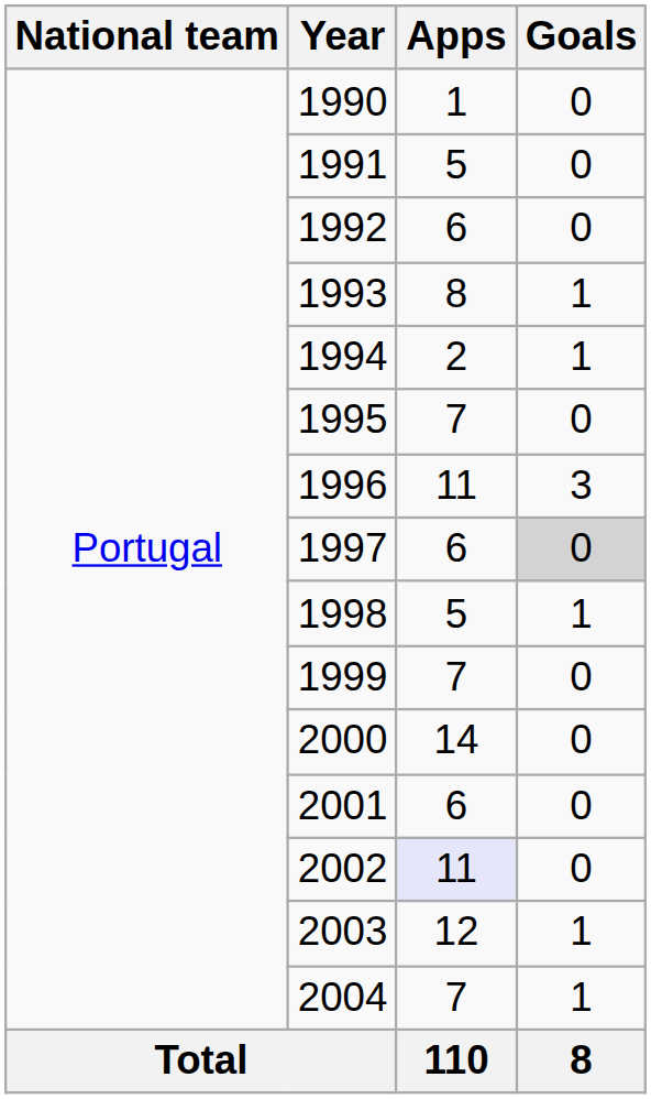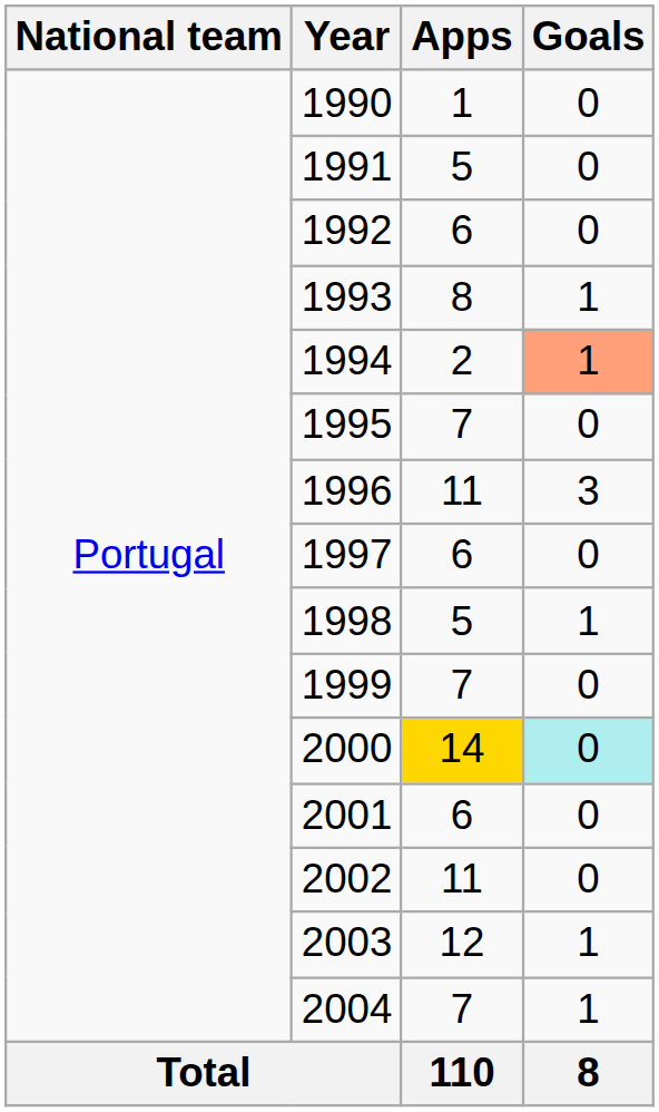 <table class="wikitable" style="text-align:center">
 <tr>
 <th>National team</th>
 <th>Year</th>
 <th>Apps</th>
 <th>Goals</th>
 </tr>
 <tr>
 <td rowspan="15"><a href='#'>Portugal</a></td>
 <td>1990</td>
 <td>1</td>
 <td>0</td>
 </tr>
 <tr>
 <td>1991</td>
 <td>5</td>
 <td>0</td>
 </tr>
 <tr>
 <td>1992</td>
 <td>6</td>
 <td>0</td>
 </tr>
 <tr>
 <td>1993</td>
 <td>8</td>
 <td>1</td>
 </tr>
 <tr>
 <td>1994</td>
 <td>2</td>
-<td>1</td>
+<td style="background: lightsalmon;">1</td>
 </tr>
 <tr>
 <td>1995</td>
 <td>7</td>
 <td>0</td>
 </tr>
 <tr>
 <td>1996</td>
 <td>11</td>
 <td>3</td>
 </tr>
 <tr>
 <td>1997</td>
 <td>6</td>
-<td style="background: lightgrey;">0</td>
+<td>0</td>
 </tr>
 <tr>
 <td>1998</td>
 <td>5</td>
 <td>1</td>
 </tr>
 <tr>
 <td>1999</td>
 <td>7</td>
 <td>0</td>
 </tr>
 <tr>
 <td>2000</td>
-<td>14</td>
-<td>0</td>
+<td style="background: gold;">14</td>
+<td style="background: paleturquoise;">0</td>
 </tr>
 <tr>
 <td>2001</td>
 <td>6</td>
 <td>0</td>
 </tr>
 <tr>
 <td>2002</td>
-<td style="background: lavender;">11</td>
+<td>11</td>
 <td>0</td>
 </tr>
 <tr>
 <td>2003</td>
 <td>12</td>
 <td>1</td>
 </tr>
 <tr>
 <td>2004</td>
 <td>7</td>
 <td>1</td>
 </tr>
 <tr>
 <th colspan="2">Total</th>
 <th>110</th>
 <th>8</th>
 </tr>
 </table>
